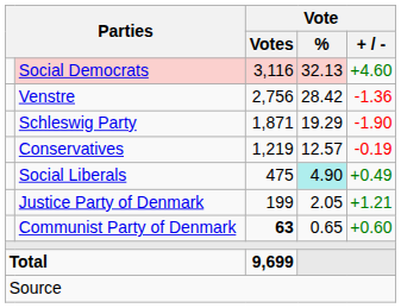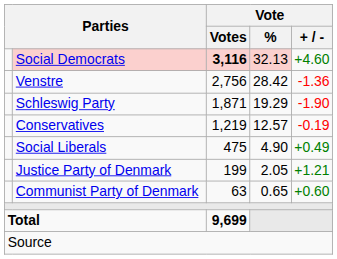 <table class="wikitable" style="text-align:right;">
 <tr>
 <th style="text-align:centre;" rowspan="2" colspan="2" width="225">Parties</th>
 <th colspan="3">Vote</th>
 </tr>
 <tr>
 <th width="15">Votes</th>
 <th width="15">%</th>
 <th width="15">+ / -</th>
 </tr>
 <tr>
 <td width="2" style="color:inherit;background:"></td>
 <td bgcolor=#fbd0ce  align="left"><a href='#'>Social Democrats</a></td>
-<td bgcolor=#fbd0ce>3,116</td>
+<td bgcolor=#fbd0ce><strong>3,116</strong></td>
 <td bgcolor=#fbd0ce>32.13</td>
 <td style=color:green;>+4.60</td>
 </tr>
 <tr>
 <td width="2" style="color:inherit;background:"></td>
 <td align="left"><a href='#'>Venstre</a></td>
 <td>2,756</td>
 <td>28.42</td>
 <td style=color:red;>-1.36</td>
 </tr>
 <tr>
 <td width="2" style="color:inherit;background:"></td>
 <td align="left"><a href='#'>Schleswig Party</a></td>
 <td>1,871</td>
 <td>19.29</td>
 <td style=color:red;>-1.90</td>
 </tr>
 <tr>
 <td width="2" style="color:inherit;background:"></td>
 <td align="left"><a href='#'>Conservatives</a></td>
 <td>1,219</td>
 <td>12.57</td>
 <td style=color:red;>-0.19</td>
 </tr>
 <tr>
 <td width="2" style="color:inherit;background:"></td>
 <td align="left"><a href='#'>Social Liberals</a></td>
 <td>475</td>
-<td style="background: paleturquoise;">4.90</td>
+<td>4.90</td>
 <td style=color:green;>+0.49</td>
 </tr>
 <tr>
 <td width="2" style="color:inherit;background:"></td>
 <td align="left"><a href='#'>Justice Party of Denmark</a></td>
 <td>199</td>
 <td>2.05</td>
 <td style=color:green;>+1.21</td>
 </tr>
 <tr>
 <td width="2" style="color:inherit;background:"></td>
 <td align="left"><a href='#'>Communist Party of Denmark</a></td>
-<td><strong>63</strong></td>
+<td>63</td>
 <td>0.65</td>
 <td style=color:green;>+0.60</td>
 </tr>
 <tr>
 <td colspan="7" bgcolor="#E9E9E9"></td>
 </tr>
 <tr>
 <td align="left" colspan="2"><strong>Total</strong></td>
 <td><strong>9,699</strong></td>
 <td bgcolor="#E9E9E9" colspan="2"></td>
 </tr>
 <tr>
 <td align="left" colspan="6">Source</td>
 </tr>
 </table>
